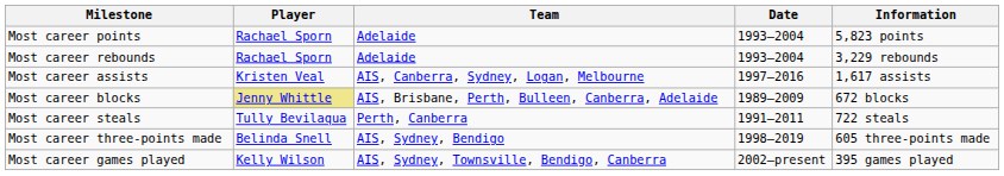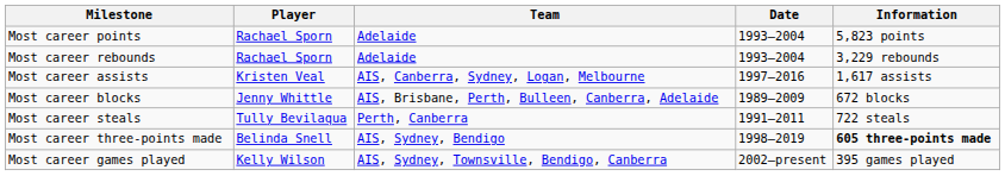 <table class="wikitable" style="width:60%; text-align:left; font-size:90%">
 <tr>
 <th>Milestone</th>
 <th>Player</th>
 <th>Team</th>
 <th>Date</th>
 <th>Information</th>
 </tr>
 <tr>
 <td>Most career points</td>
 <td><a href='#'>Rachael Sporn</a></td>
 <td><a href='#'>Adelaide</a></td>
 <td>1993–2004</td>
 <td>5,823 points</td>
 </tr>
 <tr>
 <td>Most career rebounds</td>
 <td><a href='#'>Rachael Sporn</a></td>
 <td><a href='#'>Adelaide</a></td>
 <td>1993–2004</td>
 <td>3,229 rebounds</td>
 </tr>
 <tr>
 <td>Most career assists</td>
 <td><a href='#'>Kristen Veal</a></td>
 <td><a href='#'>AIS</a>, <a href='#'>Canberra</a>, <a href='#'>Sydney</a>, <a href='#'>Logan</a>, <a href='#'>Melbourne</a></td>
 <td>1997–2016</td>
 <td>1,617 assists</td>
 </tr>
 <tr>
 <td>Most career blocks</td>
-<td style="background: khaki;"><a href='#'>Jenny Whittle</a></td>
+<td><a href='#'>Jenny Whittle</a></td>
 <td><a href='#'>AIS</a>, Brisbane, <a href='#'>Perth</a>, <a href='#'>Bulleen</a>, <a href='#'>Canberra</a>, <a href='#'>Adelaide</a></td>
 <td>1989–2009</td>
 <td>672 blocks</td>
 </tr>
 <tr>
 <td>Most career steals</td>
 <td><a href='#'>Tully Bevilaqua</a></td>
 <td><a href='#'>Perth</a>, <a href='#'>Canberra</a></td>
 <td>1991–2011</td>
 <td>722 steals</td>
 </tr>
 <tr>
 <td>Most career three-points made</td>
 <td><a href='#'>Belinda Snell</a></td>
 <td><a href='#'>AIS</a>, <a href='#'>Sydney</a>, <a href='#'>Bendigo</a></td>
 <td>1998–2019</td>
-<td>605 three-points made</td>
+<td><strong>605 three-points made</strong></td>
 </tr>
 <tr>
 <td>Most career games played</td>
 <td><a href='#'>Kelly Wilson</a></td>
 <td><a href='#'>AIS</a>, <a href='#'>Sydney</a>, <a href='#'>Townsville</a>, <a href='#'>Bendigo</a>, <a href='#'>Canberra</a></td>
 <td>2002–present</td>
 <td>395 games played</td>
 </tr>
 </table>
